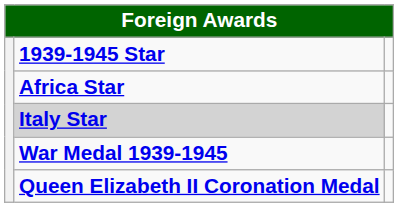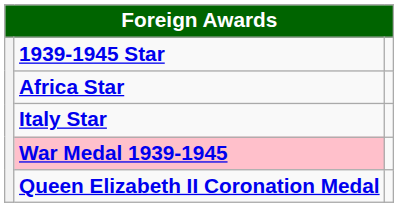 <table class="wikitable">
 <tr>
 <th colspan="3" style="background:#006400; color:#FFFFFF; text-align:center"><strong>Foreign Awards</strong></th>
 </tr>
 <tr>
 <th rowspan="5"><strong></strong></th>
 <td><strong><a href='#'>1939-1945 Star</a></strong></td>
 <td></td>
 </tr>
 <tr>
 <td><strong><a href='#'>Africa Star</a></strong></td>
 <td></td>
 </tr>
 <tr>
-<td style="background: lightgrey;"><strong><a href='#'>Italy Star</a></strong></td>
+<td><strong><a href='#'>Italy Star</a></strong></td>
 <td></td>
 </tr>
 <tr>
-<td><strong><a href='#'>War Medal 1939-1945</a></strong></td>
+<td style="background: pink;"><strong><a href='#'>War Medal 1939-1945</a></strong></td>
 <td></td>
 </tr>
 <tr>
 <td><strong><a href='#'>Queen Elizabeth II Coronation Medal</a></strong></td>
 <td></td>
 </tr>
 </table>
